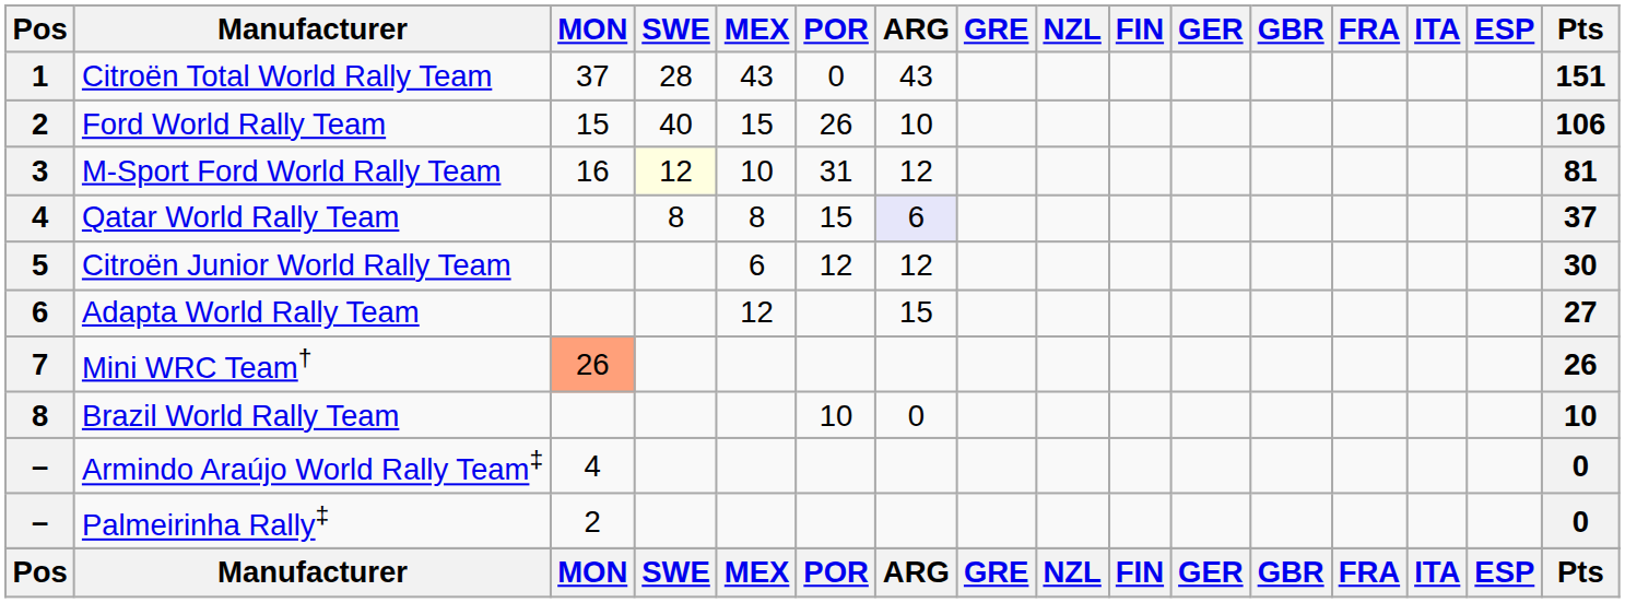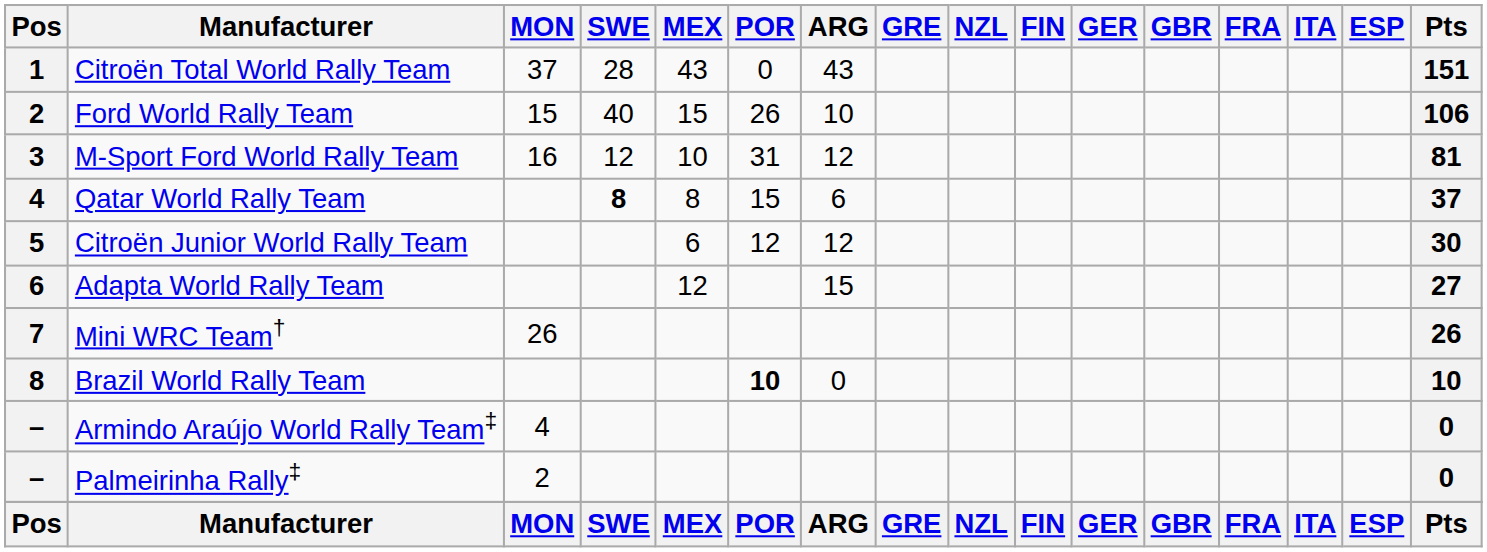 <table class="wikitable" style="text-align:center; font-size:85%;">
 <tr valign="top">
 <th valign="middle">Pos</th>
 <th valign="middle">Manufacturer</th>
 <th><a href='#'>MON</a><br></th>
 <th><a href='#'>SWE</a><br></th>
 <th><a href='#'>MEX</a><br></th>
 <th><a href='#'>POR</a><br></th>
 <th>ARG<br></th>
 <th><a href='#'>GRE</a><br></th>
 <th><a href='#'>NZL</a><br></th>
 <th><a href='#'>FIN</a><br></th>
 <th><a href='#'>GER</a><br></th>
 <th><a href='#'>GBR</a><br></th>
 <th><a href='#'>FRA</a><br></th>
 <th><a href='#'>ITA</a><br></th>
 <th><a href='#'>ESP</a><br></th>
 <th valign="middle"> Pts </th>
 </tr>
 <tr>
 <th>1</th>
 <td align="left"> <a href='#'>Citroën Total World Rally Team</a></td>
 <td>37</td>
 <td>28</td>
 <td>43</td>
 <td>0</td>
 <td>43</td>
 <td></td>
 <td></td>
 <td></td>
 <td></td>
 <td></td>
 <td></td>
 <td></td>
 <td></td>
 <th>151</th>
 </tr>
 <tr>
 <th>2</th>
 <td align="left"> <a href='#'>Ford World Rally Team</a></td>
 <td>15</td>
 <td>40</td>
 <td>15</td>
 <td>26</td>
 <td>10</td>
 <td></td>
 <td></td>
 <td></td>
 <td></td>
 <td></td>
 <td></td>
 <td></td>
 <td></td>
 <th>106</th>
 </tr>
 <tr>
 <th>3</th>
 <td align="left"> <a href='#'>M-Sport Ford World Rally Team</a></td>
 <td>16</td>
-<td style="background: lightyellow;">12</td>
+<td>12</td>
 <td>10</td>
 <td>31</td>
 <td>12</td>
 <td></td>
 <td></td>
 <td></td>
 <td></td>
 <td></td>
 <td></td>
 <td></td>
 <td></td>
 <th>81</th>
 </tr>
 <tr>
 <th>4</th>
 <td align="left"> <a href='#'>Qatar World Rally Team</a></td>
 <td></td>
-<td>8</td>
+<td><strong>8</strong></td>
 <td>8</td>
 <td>15</td>
-<td style="background: lavender;">6</td>
+<td>6</td>
 <td></td>
 <td></td>
 <td></td>
 <td></td>
 <td></td>
 <td></td>
 <td></td>
 <td></td>
 <th>37</th>
 </tr>
 <tr>
 <th>5</th>
 <td align="left"> <a href='#'>Citroën Junior World Rally Team</a></td>
 <td></td>
 <td></td>
 <td>6</td>
 <td>12</td>
 <td>12</td>
 <td></td>
 <td></td>
 <td></td>
 <td></td>
 <td></td>
 <td></td>
 <td></td>
 <td></td>
 <th>30</th>
 </tr>
 <tr>
 <th>6</th>
 <td align="left"> <a href='#'>Adapta World Rally Team</a></td>
 <td></td>
 <td></td>
 <td>12</td>
 <td></td>
 <td>15</td>
 <td></td>
 <td></td>
 <td></td>
 <td></td>
 <td></td>
 <td></td>
 <td></td>
 <td></td>
 <th>27</th>
 </tr>
 <tr>
 <th>7</th>
 <td align="left"> <a href='#'>Mini WRC Team</a><sup>†</sup></td>
-<td style="background: lightsalmon;">26</td>
+<td>26</td>
 <td></td>
 <td></td>
 <td></td>
 <td></td>
 <td></td>
 <td></td>
 <td></td>
 <td></td>
 <td></td>
 <td></td>
 <td></td>
 <td></td>
 <th>26</th>
 </tr>
 <tr>
 <th>8</th>
 <td align="left"> <a href='#'>Brazil World Rally Team</a></td>
 <td></td>
 <td></td>
 <td></td>
-<td>10</td>
+<td><strong>10</strong></td>
 <td>0</td>
 <td></td>
 <td></td>
 <td></td>
 <td></td>
 <td></td>
 <td></td>
 <td></td>
 <td></td>
 <th>10</th>
 </tr>
 <tr>
 <th>–</th>
 <td align="left"> <a href='#'>Armindo Araújo World Rally Team</a><sup>‡</sup></td>
 <td>4</td>
 <td></td>
 <td></td>
 <td></td>
 <td></td>
 <td></td>
 <td></td>
 <td></td>
 <td></td>
 <td></td>
 <td></td>
 <td></td>
 <td></td>
 <th>0</th>
 </tr>
 <tr>
 <th>–</th>
 <td align="left"> <a href='#'>Palmeirinha Rally</a><sup>‡</sup></td>
 <td>2</td>
 <td></td>
 <td></td>
 <td></td>
 <td></td>
 <td></td>
 <td></td>
 <td></td>
 <td></td>
 <td></td>
 <td></td>
 <td></td>
 <td></td>
 <th>0</th>
 </tr>
 <tr>
 </tr>
 <tr valign="top">
 <th valign="middle">Pos</th>
 <th valign="middle">Manufacturer</th>
 <th><a href='#'>MON</a><br></th>
 <th><a href='#'>SWE</a><br></th>
 <th><a href='#'>MEX</a><br></th>
 <th><a href='#'>POR</a><br></th>
 <th>ARG<br></th>
 <th><a href='#'>GRE</a><br></th>
 <th><a href='#'>NZL</a><br></th>
 <th><a href='#'>FIN</a><br></th>
 <th><a href='#'>GER</a><br></th>
 <th><a href='#'>GBR</a><br></th>
 <th><a href='#'>FRA</a><br></th>
 <th><a href='#'>ITA</a><br></th>
 <th><a href='#'>ESP</a><br></th>
 <th valign="middle">Pts</th>
 </tr>
 </table>
